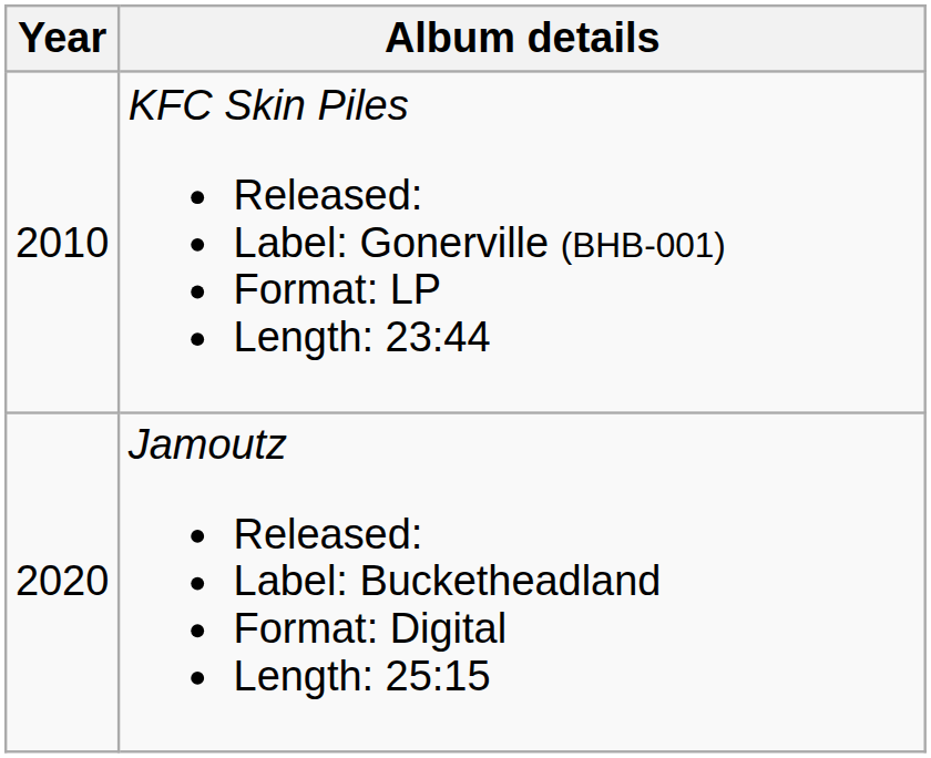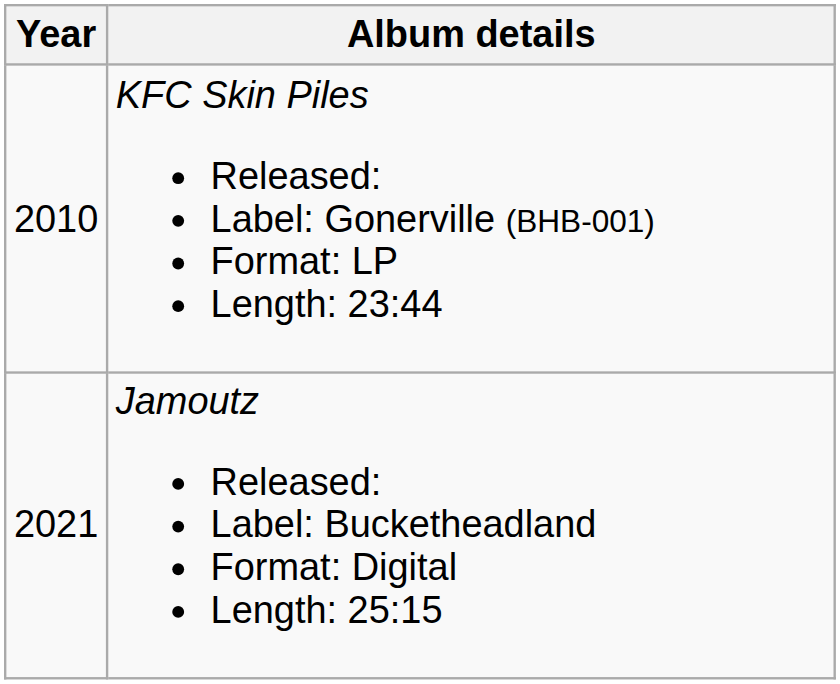 <table class="wikitable">
 <tr>
 <th>Year</th>
 <th style="width:300px;">Album details</th>
 </tr>
 <tr>
 <td>2010</td>
 <td><em>KFC Skin Piles</em><br><ul><li>Released: </li><li>Label: Gonerville <small>(BHB-001)</small></li><li>Format: LP</li><li>Length: 23:44</li></ul></td>
 </tr>
 <tr>
-<td>2020</td>
+<td>2021</td>
 <td><em>Jamoutz</em><br><ul><li>Released: </li><li>Label: Bucketheadland</li><li>Format: Digital</li><li>Length: 25:15</li></ul></td>
 </tr>
 </table>
